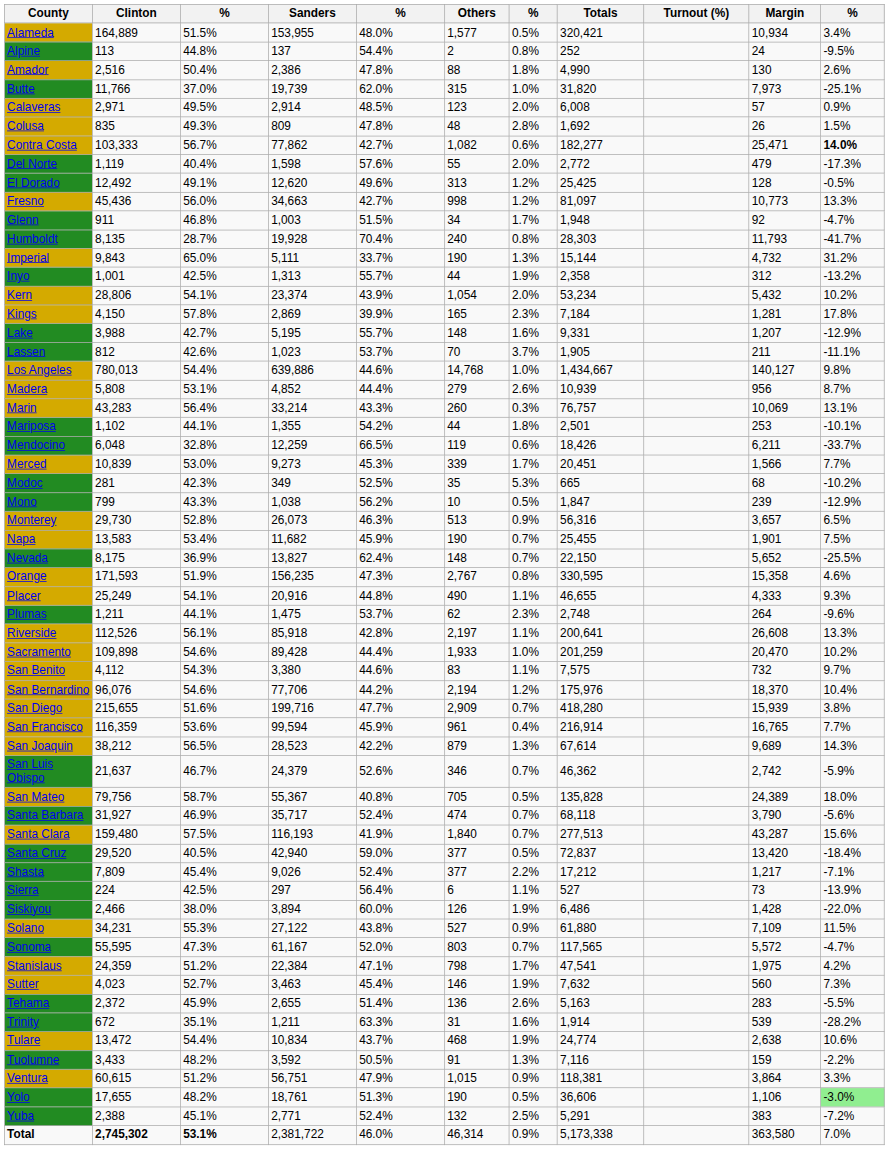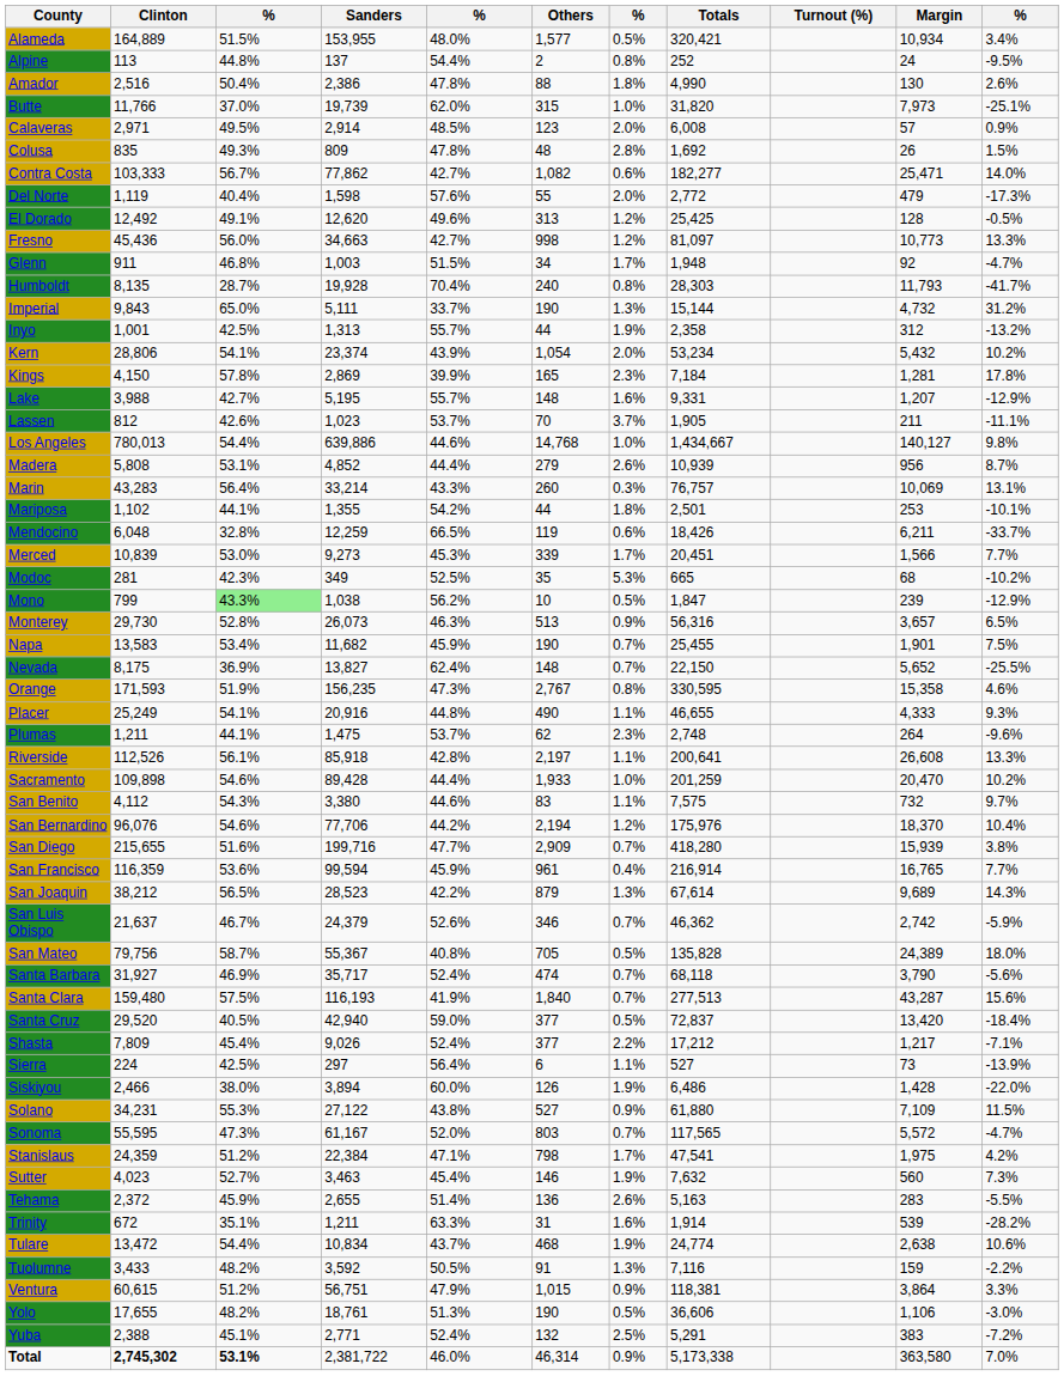 <table class="wikitable sortable" style="width:60%;">
 <tr style="background:lightgrey;">
 <th style="width:10%;">County</th>
 <th style="width:10%;">Clinton</th>
 <th style="width:10%;">%</th>
 <th style="width:10%;">Sanders</th>
 <th style="width:10%;">%</th>
 <th>Others</th>
 <th>%</th>
 <th>Totals</th>
 <th>Turnout (%)</th>
 <th>Margin</th>
 <th>%</th>
 </tr>
 <tr>
 <td style="background:#D4AA00;"><a href='#'>Alameda</a></td>
 <td>164,889</td>
 <td>51.5%</td>
 <td>153,955</td>
 <td>48.0%</td>
 <td>1,577</td>
 <td>0.5%</td>
 <td>320,421</td>
 <td></td>
 <td>10,934</td>
 <td>3.4%</td>
 </tr>
 <tr>
 <td style="background:#228B22;"><a href='#'>Alpine</a></td>
 <td>113</td>
 <td>44.8%</td>
 <td>137</td>
 <td>54.4%</td>
 <td>2</td>
 <td>0.8%</td>
 <td>252</td>
 <td></td>
 <td>24</td>
 <td>-9.5%</td>
 </tr>
 <tr>
 <td style="background:#D4AA00;"><a href='#'>Amador</a></td>
 <td>2,516</td>
 <td>50.4%</td>
 <td>2,386</td>
 <td>47.8%</td>
 <td>88</td>
 <td>1.8%</td>
 <td>4,990</td>
 <td></td>
 <td>130</td>
 <td>2.6%</td>
 </tr>
 <tr>
 <td style="background:#228B22;"><a href='#'>Butte</a></td>
 <td>11,766</td>
 <td>37.0%</td>
 <td>19,739</td>
 <td>62.0%</td>
 <td>315</td>
 <td>1.0%</td>
 <td>31,820</td>
 <td></td>
 <td>7,973</td>
 <td>-25.1%</td>
 </tr>
 <tr>
 <td style="background:#D4AA00;"><a href='#'>Calaveras</a></td>
 <td>2,971</td>
 <td>49.5%</td>
 <td>2,914</td>
 <td>48.5%</td>
 <td>123</td>
 <td>2.0%</td>
 <td>6,008</td>
 <td></td>
 <td>57</td>
 <td>0.9%</td>
 </tr>
 <tr>
 <td style="background:#D4AA00;"><a href='#'>Colusa</a></td>
 <td>835</td>
 <td>49.3%</td>
 <td>809</td>
 <td>47.8%</td>
 <td>48</td>
 <td>2.8%</td>
 <td>1,692</td>
 <td></td>
 <td>26</td>
 <td>1.5%</td>
 </tr>
 <tr>
 <td style="background:#D4AA00;"><a href='#'>Contra Costa</a></td>
 <td>103,333</td>
 <td>56.7%</td>
 <td>77,862</td>
 <td>42.7%</td>
 <td>1,082</td>
 <td>0.6%</td>
 <td>182,277</td>
 <td></td>
 <td>25,471</td>
-<td><strong>14.0%</strong></td>
+<td>14.0%</td>
 </tr>
 <tr>
 <td style="background:#228B22;"><a href='#'>Del Norte</a></td>
 <td>1,119</td>
 <td>40.4%</td>
 <td>1,598</td>
 <td>57.6%</td>
 <td>55</td>
 <td>2.0%</td>
 <td>2,772</td>
 <td></td>
 <td>479</td>
 <td>-17.3%</td>
 </tr>
 <tr>
 <td style="background:#228B22;"><a href='#'>El Dorado</a></td>
 <td>12,492</td>
 <td>49.1%</td>
 <td>12,620</td>
 <td>49.6%</td>
 <td>313</td>
 <td>1.2%</td>
 <td>25,425</td>
 <td></td>
 <td>128</td>
 <td>-0.5%</td>
 </tr>
 <tr>
 <td style="background:#D4AA00;"><a href='#'>Fresno</a></td>
 <td>45,436</td>
 <td>56.0%</td>
 <td>34,663</td>
 <td>42.7%</td>
 <td>998</td>
 <td>1.2%</td>
 <td>81,097</td>
 <td></td>
 <td>10,773</td>
 <td>13.3%</td>
 </tr>
 <tr>
 <td style="background:#228B22;"><a href='#'>Glenn</a></td>
 <td>911</td>
 <td>46.8%</td>
 <td>1,003</td>
 <td>51.5%</td>
 <td>34</td>
 <td>1.7%</td>
 <td>1,948</td>
 <td></td>
 <td>92</td>
 <td>-4.7%</td>
 </tr>
 <tr>
 <td style="background:#228B22;"><a href='#'>Humboldt</a></td>
 <td>8,135</td>
 <td>28.7%</td>
 <td>19,928</td>
 <td>70.4%</td>
 <td>240</td>
 <td>0.8%</td>
 <td>28,303</td>
 <td></td>
 <td>11,793</td>
 <td>-41.7%</td>
 </tr>
 <tr>
 <td style="background:#D4AA00;"><a href='#'>Imperial</a></td>
 <td>9,843</td>
 <td>65.0%</td>
 <td>5,111</td>
 <td>33.7%</td>
 <td>190</td>
 <td>1.3%</td>
 <td>15,144</td>
 <td></td>
 <td>4,732</td>
 <td>31.2%</td>
 </tr>
 <tr>
 <td style="background:#228B22;"><a href='#'>Inyo</a></td>
 <td>1,001</td>
 <td>42.5%</td>
 <td>1,313</td>
 <td>55.7%</td>
 <td>44</td>
 <td>1.9%</td>
 <td>2,358</td>
 <td></td>
 <td>312</td>
 <td>-13.2%</td>
 </tr>
 <tr>
 <td style="background:#D4AA00;"><a href='#'>Kern</a></td>
 <td>28,806</td>
 <td>54.1%</td>
 <td>23,374</td>
 <td>43.9%</td>
 <td>1,054</td>
 <td>2.0%</td>
 <td>53,234</td>
 <td></td>
 <td>5,432</td>
 <td>10.2%</td>
 </tr>
 <tr>
 <td style="background:#D4AA00;"><a href='#'>Kings</a></td>
 <td>4,150</td>
 <td>57.8%</td>
 <td>2,869</td>
 <td>39.9%</td>
 <td>165</td>
 <td>2.3%</td>
 <td>7,184</td>
 <td></td>
 <td>1,281</td>
 <td>17.8%</td>
 </tr>
 <tr>
 <td style="background:#228B22;"><a href='#'>Lake</a></td>
 <td>3,988</td>
 <td>42.7%</td>
 <td>5,195</td>
 <td>55.7%</td>
 <td>148</td>
 <td>1.6%</td>
 <td>9,331</td>
 <td></td>
 <td>1,207</td>
 <td>-12.9%</td>
 </tr>
 <tr>
 <td style="background:#228B22;"><a href='#'>Lassen</a></td>
 <td>812</td>
 <td>42.6%</td>
 <td>1,023</td>
 <td>53.7%</td>
 <td>70</td>
 <td>3.7%</td>
 <td>1,905</td>
 <td></td>
 <td>211</td>
 <td>-11.1%</td>
 </tr>
 <tr>
 <td style="background:#D4AA00;"><a href='#'>Los Angeles</a></td>
 <td>780,013</td>
 <td>54.4%</td>
 <td>639,886</td>
 <td>44.6%</td>
 <td>14,768</td>
 <td>1.0%</td>
 <td>1,434,667</td>
 <td></td>
 <td>140,127</td>
 <td>9.8%</td>
 </tr>
 <tr>
 <td style="background:#D4AA00;"><a href='#'>Madera</a></td>
 <td>5,808</td>
 <td>53.1%</td>
 <td>4,852</td>
 <td>44.4%</td>
 <td>279</td>
 <td>2.6%</td>
 <td>10,939</td>
 <td></td>
 <td>956</td>
 <td>8.7%</td>
 </tr>
 <tr>
 <td style="background:#D4AA00;"><a href='#'>Marin</a></td>
 <td>43,283</td>
 <td>56.4%</td>
 <td>33,214</td>
 <td>43.3%</td>
 <td>260</td>
 <td>0.3%</td>
 <td>76,757</td>
 <td></td>
 <td>10,069</td>
 <td>13.1%</td>
 </tr>
 <tr>
 <td style="background:#228B22;"><a href='#'>Mariposa</a></td>
 <td>1,102</td>
 <td>44.1%</td>
 <td>1,355</td>
 <td>54.2%</td>
 <td>44</td>
 <td>1.8%</td>
 <td>2,501</td>
 <td></td>
 <td>253</td>
 <td>-10.1%</td>
 </tr>
 <tr>
 <td style="background:#228B22;"><a href='#'>Mendocino</a></td>
 <td>6,048</td>
 <td>32.8%</td>
 <td>12,259</td>
 <td>66.5%</td>
 <td>119</td>
 <td>0.6%</td>
 <td>18,426</td>
 <td></td>
 <td>6,211</td>
 <td>-33.7%</td>
 </tr>
 <tr>
 <td style="background:#D4AA00;"><a href='#'>Merced</a></td>
 <td>10,839</td>
 <td>53.0%</td>
 <td>9,273</td>
 <td>45.3%</td>
 <td>339</td>
 <td>1.7%</td>
 <td>20,451</td>
 <td></td>
 <td>1,566</td>
 <td>7.7%</td>
 </tr>
 <tr>
 <td style="background:#228B22;"><a href='#'>Modoc</a></td>
 <td>281</td>
 <td>42.3%</td>
 <td>349</td>
 <td>52.5%</td>
 <td>35</td>
 <td>5.3%</td>
 <td>665</td>
 <td></td>
 <td>68</td>
 <td>-10.2%</td>
 </tr>
 <tr>
 <td style="background:#228B22;"><a href='#'>Mono</a></td>
 <td>799</td>
-<td>43.3%</td>
+<td style="background: lightgreen;">43.3%</td>
 <td>1,038</td>
 <td>56.2%</td>
 <td>10</td>
 <td>0.5%</td>
 <td>1,847</td>
 <td></td>
 <td>239</td>
 <td>-12.9%</td>
 </tr>
 <tr>
 <td style="background:#D4AA00;"><a href='#'>Monterey</a></td>
 <td>29,730</td>
 <td>52.8%</td>
 <td>26,073</td>
 <td>46.3%</td>
 <td>513</td>
 <td>0.9%</td>
 <td>56,316</td>
 <td></td>
 <td>3,657</td>
 <td>6.5%</td>
 </tr>
 <tr>
 <td style="background:#D4AA00;"><a href='#'>Napa</a></td>
 <td>13,583</td>
 <td>53.4%</td>
 <td>11,682</td>
 <td>45.9%</td>
 <td>190</td>
 <td>0.7%</td>
 <td>25,455</td>
 <td></td>
 <td>1,901</td>
 <td>7.5%</td>
 </tr>
 <tr>
 <td style="background:#228B22;"><a href='#'>Nevada</a></td>
 <td>8,175</td>
 <td>36.9%</td>
 <td>13,827</td>
 <td>62.4%</td>
 <td>148</td>
 <td>0.7%</td>
 <td>22,150</td>
 <td></td>
 <td>5,652</td>
 <td>-25.5%</td>
 </tr>
 <tr>
 <td style="background:#D4AA00;"><a href='#'>Orange</a></td>
 <td>171,593</td>
 <td>51.9%</td>
 <td>156,235</td>
 <td>47.3%</td>
 <td>2,767</td>
 <td>0.8%</td>
 <td>330,595</td>
 <td></td>
 <td>15,358</td>
 <td>4.6%</td>
 </tr>
 <tr>
 <td style="background:#D4AA00;"><a href='#'>Placer</a></td>
 <td>25,249</td>
 <td>54.1%</td>
 <td>20,916</td>
 <td>44.8%</td>
 <td>490</td>
 <td>1.1%</td>
 <td>46,655</td>
 <td></td>
 <td>4,333</td>
 <td>9.3%</td>
 </tr>
 <tr>
 <td style="background:#228B22;"><a href='#'>Plumas</a></td>
 <td>1,211</td>
 <td>44.1%</td>
 <td>1,475</td>
 <td>53.7%</td>
 <td>62</td>
 <td>2.3%</td>
 <td>2,748</td>
 <td></td>
 <td>264</td>
 <td>-9.6%</td>
 </tr>
 <tr>
 <td style="background:#D4AA00;"><a href='#'>Riverside</a></td>
 <td>112,526</td>
 <td>56.1%</td>
 <td>85,918</td>
 <td>42.8%</td>
 <td>2,197</td>
 <td>1.1%</td>
 <td>200,641</td>
 <td></td>
 <td>26,608</td>
 <td>13.3%</td>
 </tr>
 <tr>
 <td style="background:#D4AA00;"><a href='#'>Sacramento</a></td>
 <td>109,898</td>
 <td>54.6%</td>
 <td>89,428</td>
 <td>44.4%</td>
 <td>1,933</td>
 <td>1.0%</td>
 <td>201,259</td>
 <td></td>
 <td>20,470</td>
 <td>10.2%</td>
 </tr>
 <tr>
 <td style="background:#D4AA00;"><a href='#'>San Benito</a></td>
 <td>4,112</td>
 <td>54.3%</td>
 <td>3,380</td>
 <td>44.6%</td>
 <td>83</td>
 <td>1.1%</td>
 <td>7,575</td>
 <td></td>
 <td>732</td>
 <td>9.7%</td>
 </tr>
 <tr>
 <td style="background:#D4AA00;"><a href='#'>San Bernardino</a></td>
 <td>96,076</td>
 <td>54.6%</td>
 <td>77,706</td>
 <td>44.2%</td>
 <td>2,194</td>
 <td>1.2%</td>
 <td>175,976</td>
 <td></td>
 <td>18,370</td>
 <td>10.4%</td>
 </tr>
 <tr>
 <td style="background:#D4AA00;"><a href='#'>San Diego</a></td>
 <td>215,655</td>
 <td>51.6%</td>
 <td>199,716</td>
 <td>47.7%</td>
 <td>2,909</td>
 <td>0.7%</td>
 <td>418,280</td>
 <td></td>
 <td>15,939</td>
 <td>3.8%</td>
 </tr>
 <tr>
 <td style="background:#D4AA00;"><a href='#'>San Francisco</a></td>
 <td>116,359</td>
 <td>53.6%</td>
 <td>99,594</td>
 <td>45.9%</td>
 <td>961</td>
 <td>0.4%</td>
 <td>216,914</td>
 <td></td>
 <td>16,765</td>
 <td>7.7%</td>
 </tr>
 <tr>
 <td style="background:#D4AA00;"><a href='#'>San Joaquin</a></td>
 <td>38,212</td>
 <td>56.5%</td>
 <td>28,523</td>
 <td>42.2%</td>
 <td>879</td>
 <td>1.3%</td>
 <td>67,614</td>
 <td></td>
 <td>9,689</td>
 <td>14.3%</td>
 </tr>
 <tr>
 <td style="background:#228B22;"><a href='#'>San Luis Obispo</a></td>
 <td>21,637</td>
 <td>46.7%</td>
 <td>24,379</td>
 <td>52.6%</td>
 <td>346</td>
 <td>0.7%</td>
 <td>46,362</td>
 <td></td>
 <td>2,742</td>
 <td>-5.9%</td>
 </tr>
 <tr>
 <td style="background:#D4AA00;"><a href='#'>San Mateo</a></td>
 <td>79,756</td>
 <td>58.7%</td>
 <td>55,367</td>
 <td>40.8%</td>
 <td>705</td>
 <td>0.5%</td>
 <td>135,828</td>
 <td></td>
 <td>24,389</td>
 <td>18.0%</td>
 </tr>
 <tr>
 <td style="background:#228B22;"><a href='#'>Santa Barbara</a></td>
 <td>31,927</td>
 <td>46.9%</td>
 <td>35,717</td>
 <td>52.4%</td>
 <td>474</td>
 <td>0.7%</td>
 <td>68,118</td>
 <td></td>
 <td>3,790</td>
 <td>-5.6%</td>
 </tr>
 <tr>
 <td style="background:#D4AA00;"><a href='#'>Santa Clara</a></td>
 <td>159,480</td>
 <td>57.5%</td>
 <td>116,193</td>
 <td>41.9%</td>
 <td>1,840</td>
 <td>0.7%</td>
 <td>277,513</td>
 <td></td>
 <td>43,287</td>
 <td>15.6%</td>
 </tr>
 <tr>
 <td style="background:#228B22;"><a href='#'>Santa Cruz</a></td>
 <td>29,520</td>
 <td>40.5%</td>
 <td>42,940</td>
 <td>59.0%</td>
 <td>377</td>
 <td>0.5%</td>
 <td>72,837</td>
 <td></td>
 <td>13,420</td>
 <td>-18.4%</td>
 </tr>
 <tr>
 <td style="background:#228B22;"><a href='#'>Shasta</a></td>
 <td>7,809</td>
 <td>45.4%</td>
 <td>9,026</td>
 <td>52.4%</td>
 <td>377</td>
 <td>2.2%</td>
 <td>17,212</td>
 <td></td>
 <td>1,217</td>
 <td>-7.1%</td>
 </tr>
 <tr>
 <td style="background:#228B22;"><a href='#'>Sierra</a></td>
 <td>224</td>
 <td>42.5%</td>
 <td>297</td>
 <td>56.4%</td>
 <td>6</td>
 <td>1.1%</td>
 <td>527</td>
 <td></td>
 <td>73</td>
 <td>-13.9%</td>
 </tr>
 <tr>
 <td style="background:#228B22;"><a href='#'>Siskiyou</a></td>
 <td>2,466</td>
 <td>38.0%</td>
 <td>3,894</td>
 <td>60.0%</td>
 <td>126</td>
 <td>1.9%</td>
 <td>6,486</td>
 <td></td>
 <td>1,428</td>
 <td>-22.0%</td>
 </tr>
 <tr>
 <td style="background:#D4AA00;"><a href='#'>Solano</a></td>
 <td>34,231</td>
 <td>55.3%</td>
 <td>27,122</td>
 <td>43.8%</td>
 <td>527</td>
 <td>0.9%</td>
 <td>61,880</td>
 <td></td>
 <td>7,109</td>
 <td>11.5%</td>
 </tr>
 <tr>
 <td style="background:#228B22;"><a href='#'>Sonoma</a></td>
 <td>55,595</td>
 <td>47.3%</td>
 <td>61,167</td>
 <td>52.0%</td>
 <td>803</td>
 <td>0.7%</td>
 <td>117,565</td>
 <td></td>
 <td>5,572</td>
 <td>-4.7%</td>
 </tr>
 <tr>
 <td style="background:#D4AA00;"><a href='#'>Stanislaus</a></td>
 <td>24,359</td>
 <td>51.2%</td>
 <td>22,384</td>
 <td>47.1%</td>
 <td>798</td>
 <td>1.7%</td>
 <td>47,541</td>
 <td></td>
 <td>1,975</td>
 <td>4.2%</td>
 </tr>
 <tr>
 <td style="background:#D4AA00;"><a href='#'>Sutter</a></td>
 <td>4,023</td>
 <td>52.7%</td>
 <td>3,463</td>
 <td>45.4%</td>
 <td>146</td>
 <td>1.9%</td>
 <td>7,632</td>
 <td></td>
 <td>560</td>
 <td>7.3%</td>
 </tr>
 <tr>
 <td style="background:#228B22;"><a href='#'>Tehama</a></td>
 <td>2,372</td>
 <td>45.9%</td>
 <td>2,655</td>
 <td>51.4%</td>
 <td>136</td>
 <td>2.6%</td>
 <td>5,163</td>
 <td></td>
 <td>283</td>
 <td>-5.5%</td>
 </tr>
 <tr>
 <td style="background:#228B22;"><a href='#'>Trinity</a></td>
 <td>672</td>
 <td>35.1%</td>
 <td>1,211</td>
 <td>63.3%</td>
 <td>31</td>
 <td>1.6%</td>
 <td>1,914</td>
 <td></td>
 <td>539</td>
 <td>-28.2%</td>
 </tr>
 <tr>
 <td style="background:#D4AA00;"><a href='#'>Tulare</a></td>
 <td>13,472</td>
 <td>54.4%</td>
 <td>10,834</td>
 <td>43.7%</td>
 <td>468</td>
 <td>1.9%</td>
 <td>24,774</td>
 <td></td>
 <td>2,638</td>
 <td>10.6%</td>
 </tr>
 <tr>
 <td style="background:#228B22;"><a href='#'>Tuolumne</a></td>
 <td>3,433</td>
 <td>48.2%</td>
 <td>3,592</td>
 <td>50.5%</td>
 <td>91</td>
 <td>1.3%</td>
 <td>7,116</td>
 <td></td>
 <td>159</td>
 <td>-2.2%</td>
 </tr>
 <tr>
 <td style="background:#D4AA00;"><a href='#'>Ventura</a></td>
 <td>60,615</td>
 <td>51.2%</td>
 <td>56,751</td>
 <td>47.9%</td>
 <td>1,015</td>
 <td>0.9%</td>
 <td>118,381</td>
 <td></td>
 <td>3,864</td>
 <td>3.3%</td>
 </tr>
 <tr>
 <td style="background:#228B22;"><a href='#'>Yolo</a></td>
 <td>17,655</td>
 <td>48.2%</td>
 <td>18,761</td>
 <td>51.3%</td>
 <td>190</td>
 <td>0.5%</td>
 <td>36,606</td>
 <td></td>
 <td>1,106</td>
-<td style="background: lightgreen;">-3.0%</td>
+<td>-3.0%</td>
 </tr>
 <tr>
 <td style="background:#228B22;"><a href='#'>Yuba</a></td>
 <td>2,388</td>
 <td>45.1%</td>
 <td>2,771</td>
 <td>52.4%</td>
 <td>132</td>
 <td>2.5%</td>
 <td>5,291</td>
 <td></td>
 <td>383</td>
 <td>-7.2%</td>
 </tr>
 <tr>
 <td><strong>Total</strong></td>
 <td><strong>2,745,302</strong></td>
 <td><strong>53.1%</strong></td>
 <td>2,381,722</td>
 <td>46.0%</td>
 <td>46,314</td>
 <td>0.9%</td>
 <td>5,173,338</td>
 <td></td>
 <td>363,580</td>
 <td>7.0%</td>
 </tr>
 </table>
